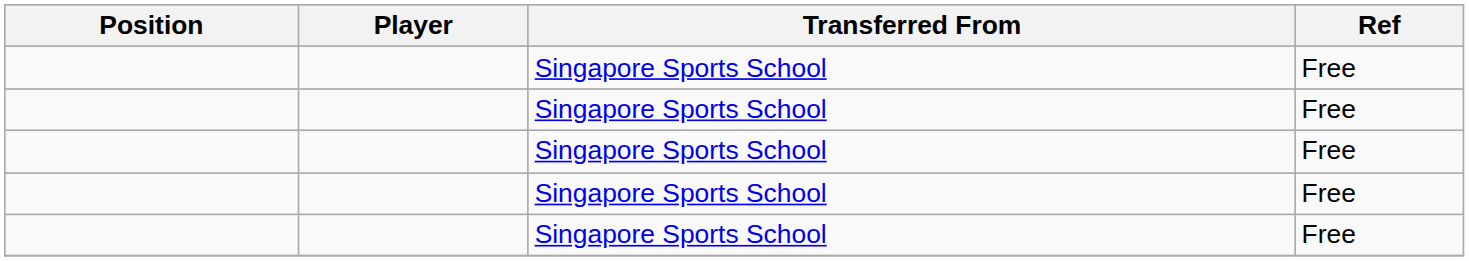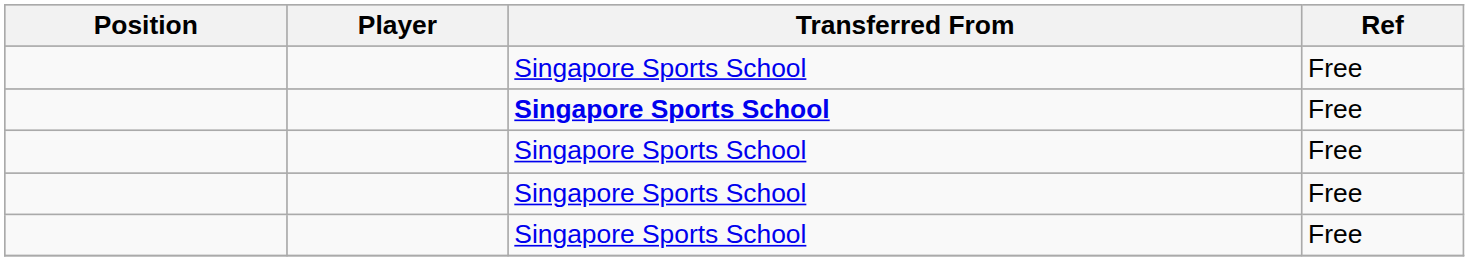 <table class="wikitable sortable" style="width:70%; text-align:center; font-size:100%; text-align:left;">
 <tr>
 <th><strong>Position</strong></th>
 <th><strong>Player</strong></th>
 <th><strong>Transferred From</strong></th>
 <th><strong>Ref</strong></th>
 </tr>
 <tr>
 <td></td>
 <td></td>
 <td> <a href='#'>Singapore Sports School</a></td>
 <td>Free</td>
 </tr>
 <tr>
 <td></td>
 <td></td>
-<td> <a href='#'>Singapore Sports School</a></td>
+<td><strong> <a href='#'>Singapore Sports School</a></strong></td>
 <td>Free</td>
 </tr>
 <tr>
 <td></td>
 <td></td>
 <td> <a href='#'>Singapore Sports School</a></td>
 <td>Free</td>
 </tr>
 <tr>
 <td></td>
 <td></td>
 <td> <a href='#'>Singapore Sports School</a></td>
 <td>Free</td>
 </tr>
 <tr>
 <td></td>
 <td></td>
 <td> <a href='#'>Singapore Sports School</a></td>
 <td>Free</td>
 </tr>
 <tr>
 </tr>
 </table>
